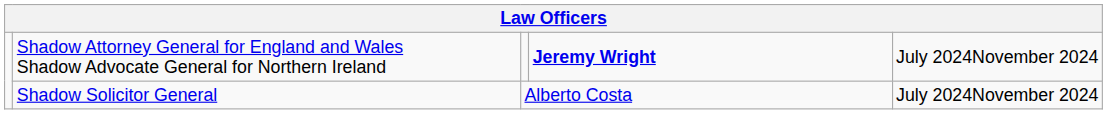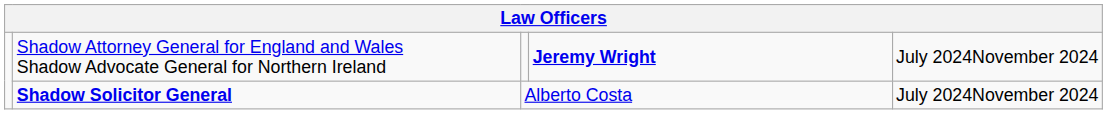 <table class="wikitable">
 <tr>
 <th colspan="5"><a href='#'>Law Officers</a></th>
 </tr>
 <tr>
 <td rowspan="2" style="background: "></td>
 <td style="width: 450px;"><a href='#'>Shadow Attorney General for England and Wales</a><br>Shadow Advocate General for Northern Ireland</td>
 <td style="background: "></td>
 <td style="width: 320px;"><strong><a href='#'>Jeremy Wright</a></strong></td>
 <td>July 2024November 2024</td>
 </tr>
 <tr>
-<td><a href='#'>Shadow Solicitor General</a></td>
+<td><strong><a href='#'>Shadow Solicitor General</a></strong></td>
 <td colspan="2"><a href='#'>Alberto Costa</a></td>
 <td>July 2024November 2024</td>
 </tr>
 </table>
